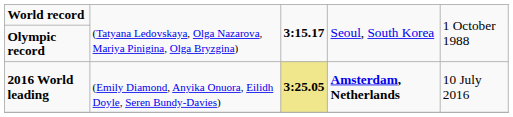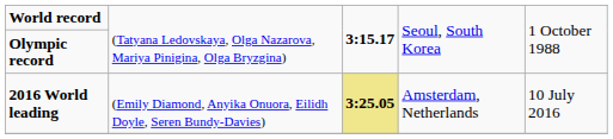 <table class="wikitable">
 <tr>
 <td><strong>World record</strong></td>
 <td rowspan=2><br><small>(<a href='#'>Tatyana Ledovskaya</a>, <a href='#'>Olga Nazarova</a>, <a href='#'>Mariya Pinigina</a>, <a href='#'>Olga Bryzgina</a>)</small></td>
 <td rowspan=2><strong>3:15.17</strong></td>
 <td rowspan=2><a href='#'>Seoul</a>, <a href='#'>South Korea</a></td>
 <td rowspan=2>1 October 1988</td>
 </tr>
 <tr>
 <td><strong>Olympic record</strong></td>
 </tr>
 <tr>
 <td><strong>2016 World leading</strong></td>
 <td><br><small>(<a href='#'>Emily Diamond</a>, <a href='#'>Anyika Onuora</a>, <a href='#'>Eilidh Doyle</a>, <a href='#'>Seren Bundy-Davies</a>)</small></td>
 <td style="background: khaki;"><strong>3:25.05</strong></td>
-<td><strong><a href='#'>Amsterdam</a>, Netherlands</strong></td>
+<td><a href='#'>Amsterdam</a>, Netherlands</td>
 <td>10 July 2016</td>
 </tr>
 <tr>
 </tr>
 </table>
